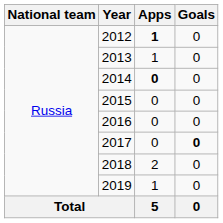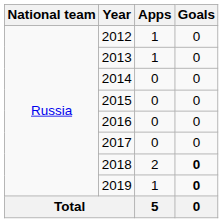 <table class="wikitable" style="text-align:center">
 <tr>
 <th>National team</th>
 <th>Year</th>
 <th>Apps</th>
 <th>Goals</th>
 </tr>
 <tr>
 <td rowspan="8"><a href='#'>Russia</a></td>
 <td>2012</td>
-<td><strong>1</strong></td>
+<td>1</td>
 <td>0</td>
 </tr>
 <tr>
 <td>2013</td>
 <td>1</td>
 <td>0</td>
 </tr>
 <tr>
 <td>2014</td>
-<td><strong>0</strong></td>
+<td>0</td>
 <td>0</td>
 </tr>
 <tr>
 <td>2015</td>
 <td>0</td>
 <td>0</td>
 </tr>
 <tr>
 <td>2016</td>
 <td>0</td>
 <td>0</td>
 </tr>
 <tr>
 <td>2017</td>
 <td>0</td>
-<td><strong>0</strong></td>
+<td>0</td>
 </tr>
 <tr>
 <td>2018</td>
 <td>2</td>
-<td>0</td>
+<td><strong>0</strong></td>
 </tr>
 <tr>
 <td>2019</td>
 <td>1</td>
-<td>0</td>
+<td><strong>0</strong></td>
 </tr>
 <tr>
 <th colspan="2">Total</th>
 <th>5</th>
 <th>0</th>
 </tr>
 </table>
